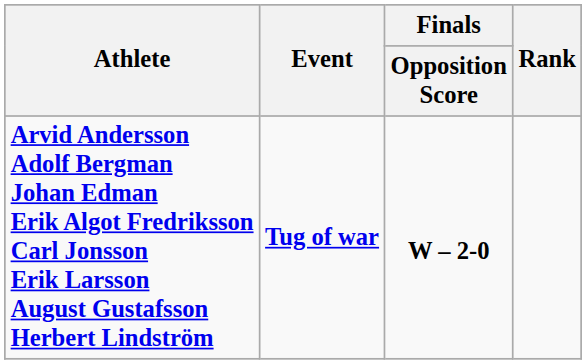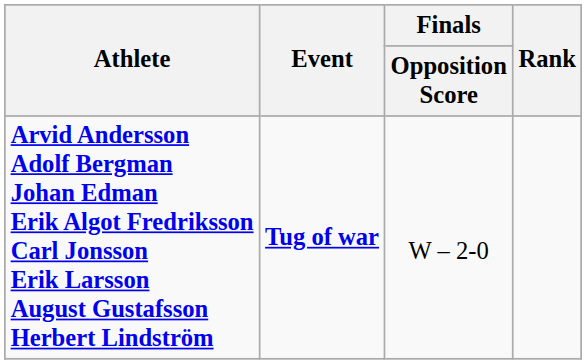 <table class=wikitable style="font-size:90%">
 <tr>
 <th rowspan="2">Athlete</th>
 <th rowspan="2">Event</th>
 <th>Finals</th>
 <th rowspan=2>Rank</th>
 </tr>
 <tr>
 <th>Opposition<br>Score</th>
 </tr>
 <tr>
 <td><strong><a href='#'>Arvid Andersson</a><br><a href='#'>Adolf Bergman</a><br><a href='#'>Johan Edman</a><br><a href='#'>Erik Algot Fredriksson</a><br><a href='#'>Carl Jonsson</a><br><a href='#'>Erik Larsson</a><br><a href='#'>August Gustafsson</a><br><a href='#'>Herbert Lindström</a></strong></td>
 <td><strong><a href='#'>Tug of war</a></strong></td>
-<td align=center><strong> <br> W – 2-0</strong></td>
+<td align=center> <br> W – 2-0</td>
 <td align=center></td>
 </tr>
 </table>
